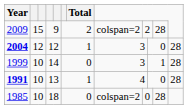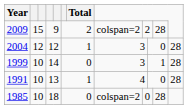 <table class="wikitable" style="text-align:right; padding-left:1em">
 <tr>
 <th align="left">Year</th>
 <th></th>
 <th></th>
 <th></th>
 <th></th>
 <th></th>
 <th align="left">Total</th>
 </tr>
 <tr>
 <td align=left><a href='#'>2009</a></td>
 <td colspan=2>15</td>
 <td colspan=2>9</td>
 <td colspan=2>2</td>
 <td>colspan=2 </td>
 <td colspan=2>2</td>
 <td>28</td>
 </tr>
 <tr>
-<td align=left><strong><a href='#'>2004</a></strong></td>
+<td align=left><a href='#'>2004</a></td>
 <td colspan=2>12</td>
 <td colspan=2>12</td>
 <td colspan=2>1</td>
 <td colspan=2>3</td>
 <td colspan=2>0</td>
 <td>28</td>
 </tr>
 <tr>
 <td align=left><a href='#'>1999</a></td>
 <td colspan=2>10</td>
 <td colspan=2>14</td>
 <td colspan=2>0</td>
 <td colspan=2>3</td>
 <td colspan=2>1</td>
 <td>28</td>
 </tr>
 <tr>
-<td align=left><strong><a href='#'>1991</a></strong></td>
+<td align=left><a href='#'>1991</a></td>
 <td colspan=2>10</td>
 <td colspan=2>13</td>
 <td colspan=2>1</td>
 <td colspan=2>4</td>
 <td colspan=2>0</td>
 <td>28</td>
 </tr>
 <tr>
 <td align=left><a href='#'>1985</a></td>
 <td colspan=2>10</td>
 <td colspan=2>18</td>
 <td colspan=2>0</td>
 <td>colspan=2 </td>
 <td colspan=2>0</td>
 <td>28</td>
 </tr>
 </table>
